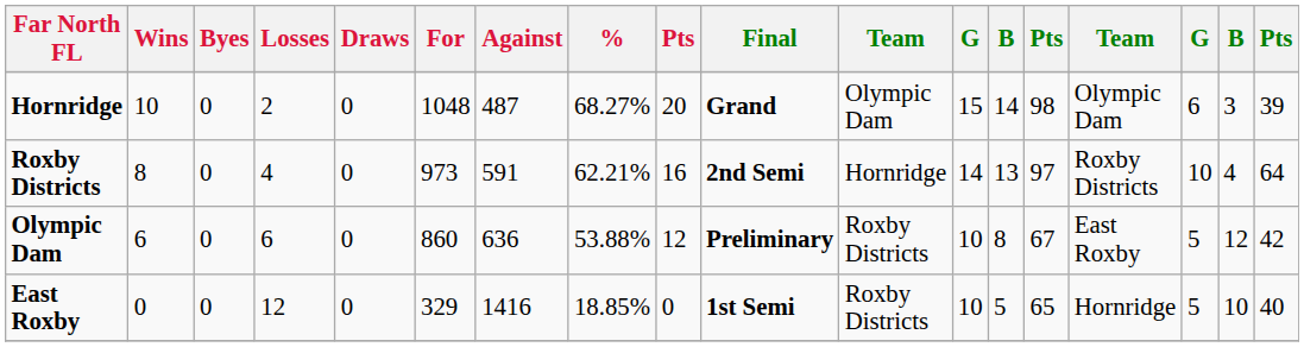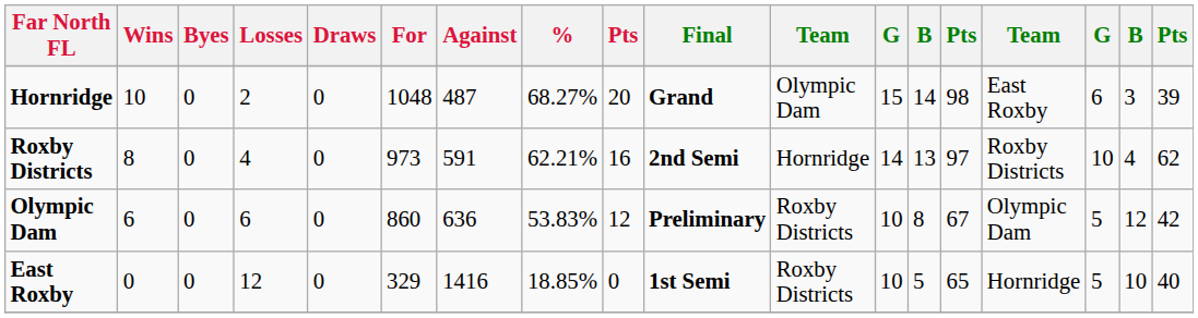 <table class="wikitable">
 <tr>
 <th style="color:crimson">Far North FL</th>
 <th style="color:crimson">Wins</th>
 <th style="color:crimson">Byes</th>
 <th style="color:crimson">Losses</th>
 <th style="color:crimson">Draws</th>
 <th style="color:crimson">For</th>
 <th style="color:crimson">Against</th>
 <th style="color:crimson">%</th>
 <th style="color:crimson">Pts</th>
 <th style="color:green">Final</th>
 <th style="color:green">Team</th>
 <th style="color:green">G</th>
 <th style="color:green">B</th>
 <th style="color:green">Pts</th>
 <th style="color:green">Team</th>
 <th style="color:green">G</th>
 <th style="color:green">B</th>
 <th style="color:green">Pts</th>
 </tr>
 <tr>
 </tr>
 <tr>
 </tr>
 <tr>
 <td><strong>	Hornridge	</strong></td>
 <td>10</td>
 <td>0</td>
 <td>2</td>
 <td>0</td>
 <td>1048</td>
 <td>487</td>
 <td>68.27%</td>
 <td>20</td>
 <td><strong>Grand</strong></td>
 <td>Olympic Dam</td>
 <td>15</td>
 <td>14</td>
 <td>98</td>
-<td>Olympic Dam</td>
+<td>East Roxby</td>
 <td>6</td>
 <td>3</td>
 <td>39</td>
 </tr>
 <tr>
 <td><strong>	Roxby Districts	</strong></td>
 <td>8</td>
 <td>0</td>
 <td>4</td>
 <td>0</td>
 <td>973</td>
 <td>591</td>
 <td>62.21%</td>
 <td>16</td>
 <td><strong>2nd Semi</strong></td>
 <td>Hornridge</td>
 <td>14</td>
 <td>13</td>
 <td>97</td>
 <td>Roxby Districts</td>
 <td>10</td>
 <td>4</td>
-<td>64</td>
+<td>62</td>
 </tr>
 <tr>
 <td><strong>	Olympic Dam	</strong></td>
 <td>6</td>
 <td>0</td>
 <td>6</td>
 <td>0</td>
 <td>860</td>
 <td>636</td>
-<td>53.88%</td>
+<td>53.83%</td>
 <td>12</td>
 <td><strong>Preliminary</strong></td>
 <td>Roxby Districts</td>
 <td>10</td>
 <td>8</td>
 <td>67</td>
-<td>East Roxby</td>
+<td>Olympic Dam</td>
 <td>5</td>
 <td>12</td>
 <td>42</td>
 </tr>
 <tr>
 <td><strong>	East Roxby	</strong></td>
 <td>0</td>
 <td>0</td>
 <td>12</td>
 <td>0</td>
 <td>329</td>
 <td>1416</td>
 <td>18.85%</td>
 <td>0</td>
 <td><strong>1st Semi</strong></td>
 <td>Roxby Districts</td>
 <td>10</td>
 <td>5</td>
 <td>65</td>
 <td>Hornridge</td>
 <td>5</td>
 <td>10</td>
 <td>40</td>
 </tr>
 <tr>
 </tr>
 <tr>
 </tr>
 </table>
